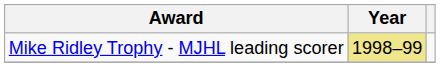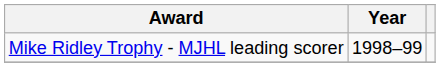 <table class="wikitable">
 <tr>
 <th>Award</th>
 <th>Year</th>
 <th></th>
 </tr>
 <tr>
 <td><a href='#'>Mike Ridley Trophy</a> - <a href='#'>MJHL</a> leading scorer</td>
-<td style="background: khaki;">1998–99</td>
+<td>1998–99</td>
 <td></td>
 </tr>
 <tr>
 </tr>
 </table>
